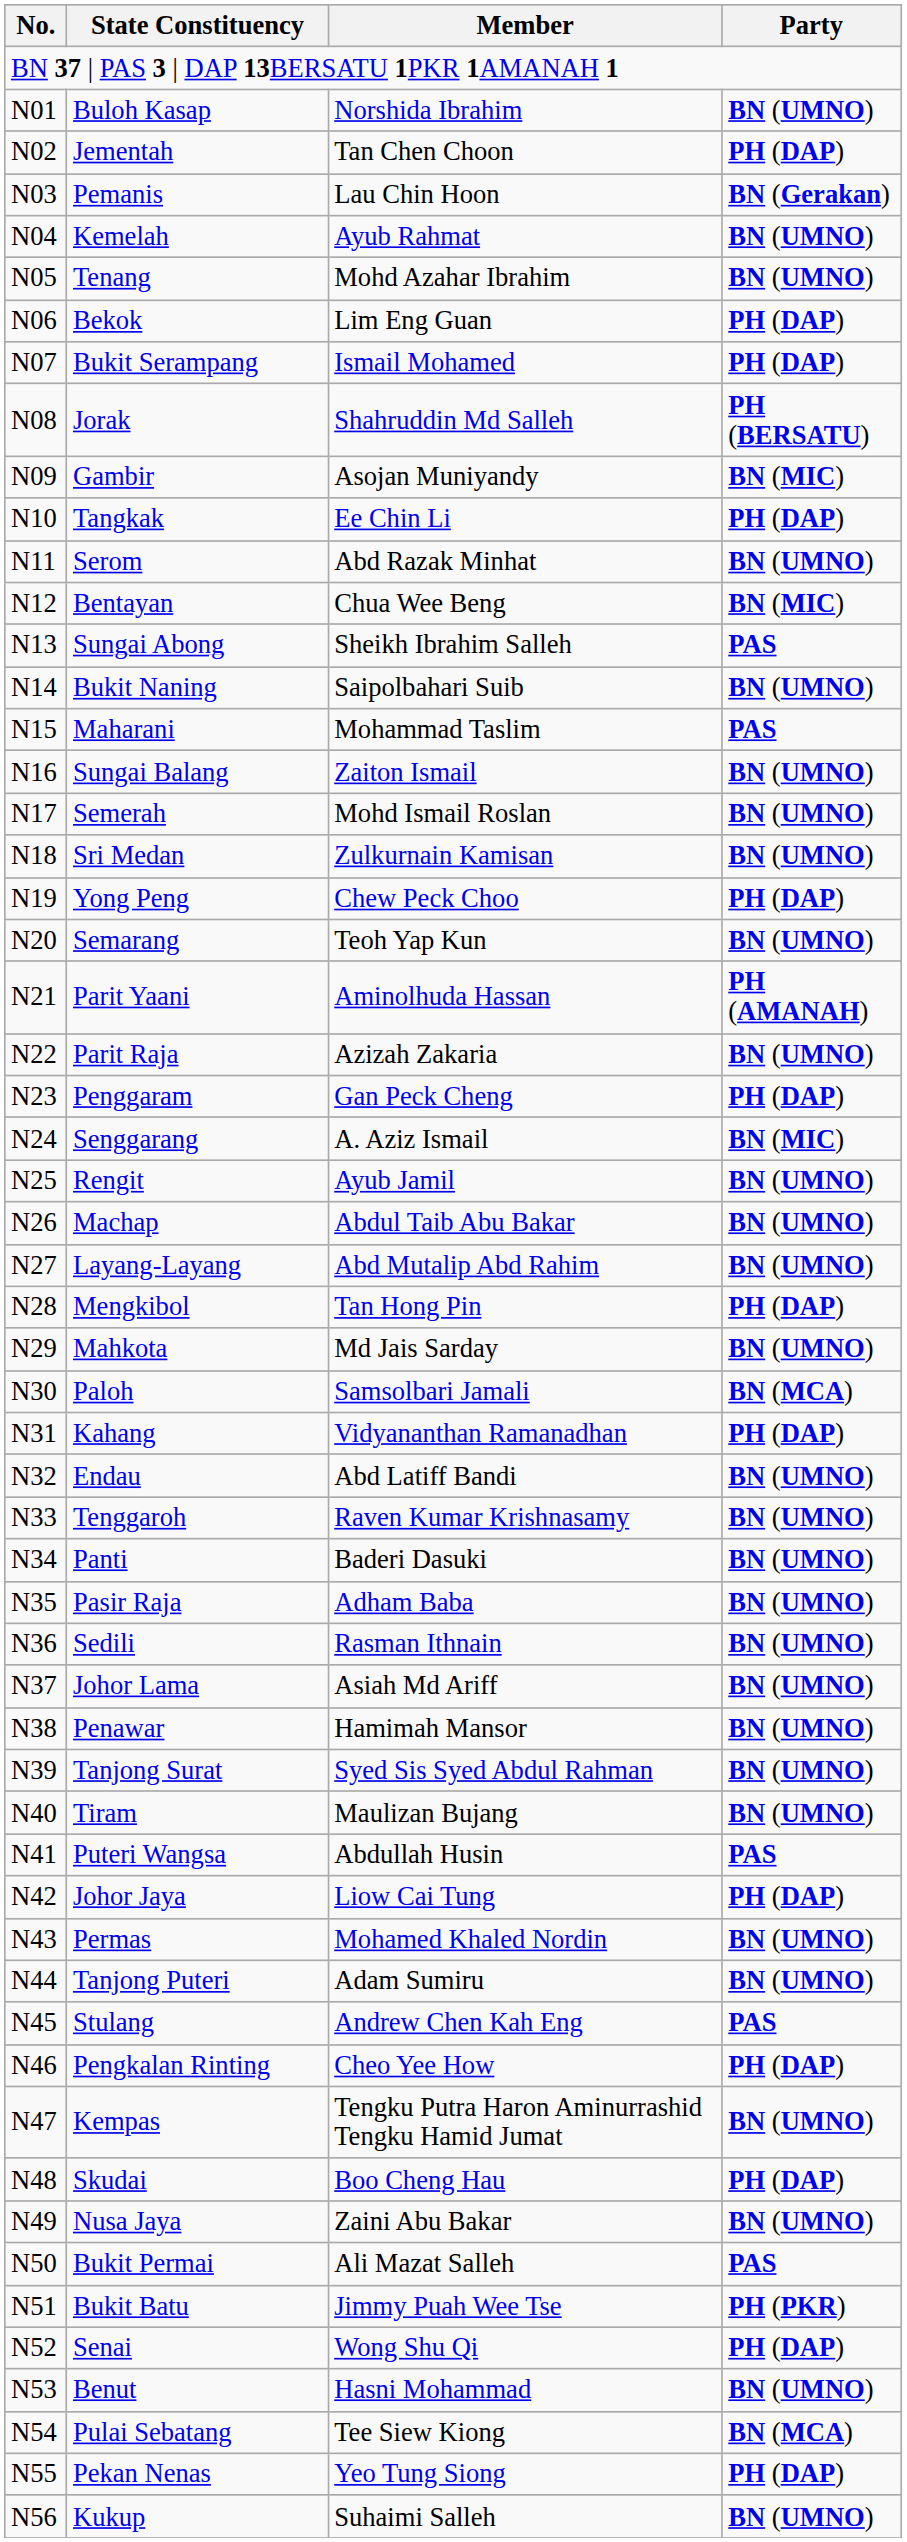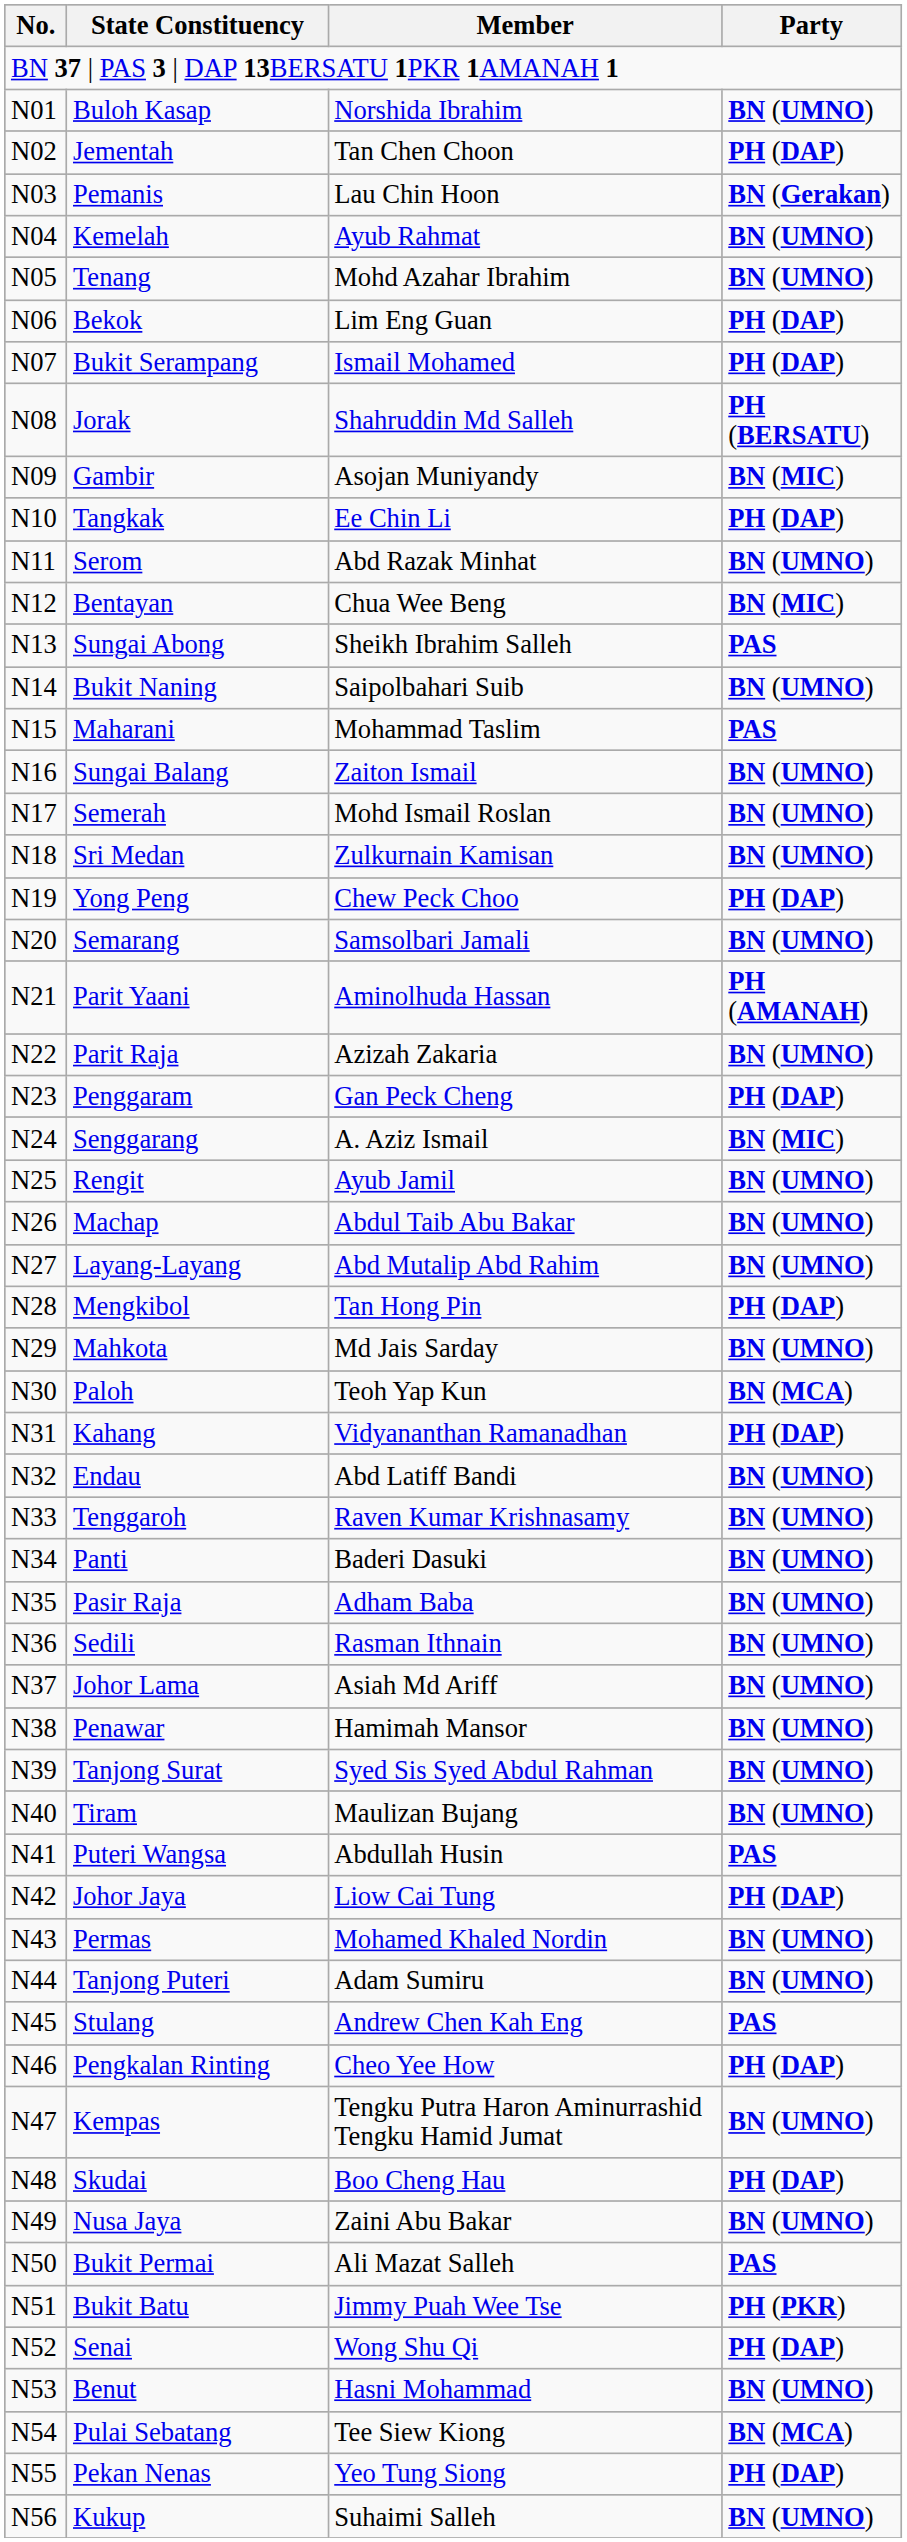 <table class="wikitable sortable">
 <tr>
 <th style="width:30px;">No.</th>
 <th style="width:150px;">State Constituency</th>
 <th style="width:230px;">Member</th>
 <th style="width:100px;">Party</th>
 </tr>
 <tr>
 <td colspan="4"><a href='#'>BN</a> <strong>37</strong> | <a href='#'>PAS</a> <strong>3</strong> | <a href='#'>DAP</a> <strong>13</strong><a href='#'>BERSATU</a> <strong>1</strong><a href='#'>PKR</a> <strong>1</strong><a href='#'>AMANAH</a> <strong>1</strong></td>
 </tr>
 <tr>
 <td>N01</td>
 <td><a href='#'>Buloh Kasap</a></td>
 <td><a href='#'>Norshida Ibrahim</a></td>
 <td><strong><a href='#'>BN</a></strong> (<strong><a href='#'>UMNO</a></strong>)</td>
 </tr>
 <tr>
 <td>N02</td>
 <td><a href='#'>Jementah</a></td>
 <td>Tan Chen Choon</td>
 <td><strong><a href='#'>PH</a></strong> (<strong><a href='#'>DAP</a></strong>)</td>
 </tr>
 <tr>
 <td>N03</td>
 <td><a href='#'>Pemanis</a></td>
 <td>Lau Chin Hoon</td>
 <td><strong><a href='#'>BN</a></strong> (<strong><a href='#'>Gerakan</a></strong>)</td>
 </tr>
 <tr>
 <td>N04</td>
 <td><a href='#'>Kemelah</a></td>
 <td><a href='#'>Ayub Rahmat</a></td>
 <td><strong><a href='#'>BN</a></strong> (<strong><a href='#'>UMNO</a></strong>)</td>
 </tr>
 <tr>
 <td>N05</td>
 <td><a href='#'>Tenang</a></td>
 <td>Mohd Azahar Ibrahim</td>
 <td><strong><a href='#'>BN</a></strong> (<strong><a href='#'>UMNO</a></strong>)</td>
 </tr>
 <tr>
 <td>N06</td>
 <td><a href='#'>Bekok</a></td>
 <td>Lim Eng Guan</td>
 <td><strong><a href='#'>PH</a></strong> (<strong><a href='#'>DAP</a></strong>)</td>
 </tr>
 <tr>
 <td>N07</td>
 <td><a href='#'>Bukit Serampang</a></td>
 <td><a href='#'>Ismail Mohamed</a></td>
 <td><strong><a href='#'>PH</a></strong> (<strong><a href='#'>DAP</a></strong>)</td>
 </tr>
 <tr>
 <td>N08</td>
 <td><a href='#'>Jorak</a></td>
 <td><a href='#'>Shahruddin Md Salleh</a></td>
 <td><strong><a href='#'>PH</a></strong> (<strong><a href='#'>BERSATU</a></strong>)</td>
 </tr>
 <tr>
 <td>N09</td>
 <td><a href='#'>Gambir</a></td>
 <td>Asojan Muniyandy</td>
 <td><strong><a href='#'>BN</a></strong> (<strong><a href='#'>MIC</a></strong>)</td>
 </tr>
 <tr>
 <td>N10</td>
 <td><a href='#'>Tangkak</a></td>
 <td><a href='#'>Ee Chin Li</a></td>
 <td><strong><a href='#'>PH</a></strong> (<strong><a href='#'>DAP</a></strong>)</td>
 </tr>
 <tr>
 <td>N11</td>
 <td><a href='#'>Serom</a></td>
 <td>Abd Razak Minhat</td>
 <td><strong><a href='#'>BN</a></strong> (<strong><a href='#'>UMNO</a></strong>)</td>
 </tr>
 <tr>
 <td>N12</td>
 <td><a href='#'>Bentayan</a></td>
 <td>Chua Wee Beng</td>
 <td><strong><a href='#'>BN</a></strong> (<strong><a href='#'>MIC</a></strong>)</td>
 </tr>
 <tr>
 <td>N13</td>
 <td><a href='#'>Sungai Abong</a></td>
 <td>Sheikh Ibrahim Salleh</td>
 <td><strong><a href='#'>PAS</a></strong></td>
 </tr>
 <tr>
 <td>N14</td>
 <td><a href='#'>Bukit Naning</a></td>
 <td>Saipolbahari Suib</td>
 <td><strong><a href='#'>BN</a></strong> (<strong><a href='#'>UMNO</a></strong>)</td>
 </tr>
 <tr>
 <td>N15</td>
 <td><a href='#'>Maharani</a></td>
 <td>Mohammad Taslim</td>
 <td><strong><a href='#'>PAS</a></strong></td>
 </tr>
 <tr>
 <td>N16</td>
 <td><a href='#'>Sungai Balang</a></td>
 <td><a href='#'>Zaiton Ismail</a></td>
 <td><strong><a href='#'>BN</a></strong> (<strong><a href='#'>UMNO</a></strong>)</td>
 </tr>
 <tr>
 <td>N17</td>
 <td><a href='#'>Semerah</a></td>
 <td>Mohd Ismail Roslan</td>
 <td><strong><a href='#'>BN</a></strong> (<strong><a href='#'>UMNO</a></strong>)</td>
 </tr>
 <tr>
 <td>N18</td>
 <td><a href='#'>Sri Medan</a></td>
 <td><a href='#'>Zulkurnain Kamisan</a></td>
 <td><strong><a href='#'>BN</a></strong> (<strong><a href='#'>UMNO</a></strong>)</td>
 </tr>
 <tr>
 <td>N19</td>
 <td><a href='#'>Yong Peng</a></td>
 <td><a href='#'>Chew Peck Choo</a></td>
 <td><strong><a href='#'>PH</a></strong> (<strong><a href='#'>DAP</a></strong>)</td>
 </tr>
 <tr>
 <td>N20</td>
 <td><a href='#'>Semarang</a></td>
-<td>Teoh Yap Kun</td>
+<td><a href='#'>Samsolbari Jamali</a></td>
 <td><strong><a href='#'>BN</a></strong> (<strong><a href='#'>UMNO</a></strong>)</td>
 </tr>
 <tr>
 <td>N21</td>
 <td><a href='#'>Parit Yaani</a></td>
 <td><a href='#'>Aminolhuda Hassan</a></td>
 <td><strong><a href='#'>PH</a></strong> (<strong><a href='#'>AMANAH</a></strong>)</td>
 </tr>
 <tr>
 <td>N22</td>
 <td><a href='#'>Parit Raja</a></td>
 <td>Azizah Zakaria</td>
 <td><strong><a href='#'>BN</a></strong> (<strong><a href='#'>UMNO</a></strong>)</td>
 </tr>
 <tr>
 <td>N23</td>
 <td><a href='#'>Penggaram</a></td>
 <td><a href='#'>Gan Peck Cheng</a></td>
 <td><strong><a href='#'>PH</a></strong> (<strong><a href='#'>DAP</a></strong>)</td>
 </tr>
 <tr>
 <td>N24</td>
 <td><a href='#'>Senggarang</a></td>
 <td>A. Aziz Ismail</td>
 <td><strong><a href='#'>BN</a></strong> (<strong><a href='#'>MIC</a></strong>)</td>
 </tr>
 <tr>
 <td>N25</td>
 <td><a href='#'>Rengit</a></td>
 <td><a href='#'>Ayub Jamil</a></td>
 <td><strong><a href='#'>BN</a></strong> (<strong><a href='#'>UMNO</a></strong>)</td>
 </tr>
 <tr>
 <td>N26</td>
 <td><a href='#'>Machap</a></td>
 <td><a href='#'>Abdul Taib Abu Bakar</a></td>
 <td><strong><a href='#'>BN</a></strong> (<strong><a href='#'>UMNO</a></strong>)</td>
 </tr>
 <tr>
 <td>N27</td>
 <td><a href='#'>Layang-Layang</a></td>
 <td><a href='#'>Abd Mutalip Abd Rahim</a></td>
 <td><strong><a href='#'>BN</a></strong> (<strong><a href='#'>UMNO</a></strong>)</td>
 </tr>
 <tr>
 <td>N28</td>
 <td><a href='#'>Mengkibol</a></td>
 <td><a href='#'>Tan Hong Pin</a></td>
 <td><strong><a href='#'>PH</a></strong> (<strong><a href='#'>DAP</a></strong>)</td>
 </tr>
 <tr>
 <td>N29</td>
 <td><a href='#'>Mahkota</a></td>
 <td>Md Jais Sarday</td>
 <td><strong><a href='#'>BN</a></strong> (<strong><a href='#'>UMNO</a></strong>)</td>
 </tr>
 <tr>
 <td>N30</td>
 <td><a href='#'>Paloh</a></td>
-<td><a href='#'>Samsolbari Jamali</a></td>
+<td>Teoh Yap Kun</td>
 <td><strong><a href='#'>BN</a></strong> (<strong><a href='#'>MCA</a></strong>)</td>
 </tr>
 <tr>
 <td>N31</td>
 <td><a href='#'>Kahang</a></td>
 <td><a href='#'>Vidyananthan Ramanadhan</a></td>
 <td><strong><a href='#'>PH</a></strong> (<strong><a href='#'>DAP</a></strong>)</td>
 </tr>
 <tr>
 <td>N32</td>
 <td><a href='#'>Endau</a></td>
 <td>Abd Latiff Bandi</td>
 <td><strong><a href='#'>BN</a></strong> (<strong><a href='#'>UMNO</a></strong>)</td>
 </tr>
 <tr>
 <td>N33</td>
 <td><a href='#'>Tenggaroh</a></td>
 <td><a href='#'>Raven Kumar Krishnasamy</a></td>
 <td><strong><a href='#'>BN</a></strong> (<strong><a href='#'>UMNO</a></strong>)</td>
 </tr>
 <tr>
 <td>N34</td>
 <td><a href='#'>Panti</a></td>
 <td>Baderi Dasuki</td>
 <td><strong><a href='#'>BN</a></strong> (<strong><a href='#'>UMNO</a></strong>)</td>
 </tr>
 <tr>
 <td>N35</td>
 <td><a href='#'>Pasir Raja</a></td>
 <td><a href='#'>Adham Baba</a></td>
 <td><strong><a href='#'>BN</a></strong> (<strong><a href='#'>UMNO</a></strong>)</td>
 </tr>
 <tr>
 <td>N36</td>
 <td><a href='#'>Sedili</a></td>
 <td><a href='#'>Rasman Ithnain</a></td>
 <td><strong><a href='#'>BN</a></strong> (<strong><a href='#'>UMNO</a></strong>)</td>
 </tr>
 <tr>
 <td>N37</td>
 <td><a href='#'>Johor Lama</a></td>
 <td>Asiah Md Ariff</td>
 <td><strong><a href='#'>BN</a></strong> (<strong><a href='#'>UMNO</a></strong>)</td>
 </tr>
 <tr>
 <td>N38</td>
 <td><a href='#'>Penawar</a></td>
 <td>Hamimah Mansor</td>
 <td><strong><a href='#'>BN</a></strong> (<strong><a href='#'>UMNO</a></strong>)</td>
 </tr>
 <tr>
 <td>N39</td>
 <td><a href='#'>Tanjong Surat</a></td>
 <td><a href='#'>Syed Sis Syed Abdul Rahman</a></td>
 <td><strong><a href='#'>BN</a></strong> (<strong><a href='#'>UMNO</a></strong>)</td>
 </tr>
 <tr>
 <td>N40</td>
 <td><a href='#'>Tiram</a></td>
 <td>Maulizan Bujang</td>
 <td><strong><a href='#'>BN</a></strong> (<strong><a href='#'>UMNO</a></strong>)</td>
 </tr>
 <tr>
 <td>N41</td>
 <td><a href='#'>Puteri Wangsa</a></td>
 <td>Abdullah Husin</td>
 <td><strong><a href='#'>PAS</a></strong></td>
 </tr>
 <tr>
 <td>N42</td>
 <td><a href='#'>Johor Jaya</a></td>
 <td><a href='#'>Liow Cai Tung</a></td>
 <td><strong><a href='#'>PH</a></strong> (<strong><a href='#'>DAP</a></strong>)</td>
 </tr>
 <tr>
 <td>N43</td>
 <td><a href='#'>Permas</a></td>
 <td><a href='#'>Mohamed Khaled Nordin</a></td>
 <td><strong><a href='#'>BN</a></strong> (<strong><a href='#'>UMNO</a></strong>)</td>
 </tr>
 <tr>
 <td>N44</td>
 <td><a href='#'>Tanjong Puteri</a></td>
 <td>Adam Sumiru</td>
 <td><strong><a href='#'>BN</a></strong> (<strong><a href='#'>UMNO</a></strong>)</td>
 </tr>
 <tr>
 <td>N45</td>
 <td><a href='#'>Stulang</a></td>
 <td><a href='#'>Andrew Chen Kah Eng</a></td>
 <td><strong><a href='#'>PAS</a></strong></td>
 </tr>
 <tr>
 <td>N46</td>
 <td><a href='#'>Pengkalan Rinting</a></td>
 <td><a href='#'>Cheo Yee How</a></td>
 <td><strong><a href='#'>PH</a></strong> (<strong><a href='#'>DAP</a></strong>)</td>
 </tr>
 <tr>
 <td>N47</td>
 <td><a href='#'>Kempas</a></td>
 <td>Tengku Putra Haron Aminurrashid Tengku Hamid Jumat</td>
 <td><strong><a href='#'>BN</a></strong> (<strong><a href='#'>UMNO</a></strong>)</td>
 </tr>
 <tr>
 <td>N48</td>
 <td><a href='#'>Skudai</a></td>
 <td><a href='#'>Boo Cheng Hau</a></td>
 <td><strong><a href='#'>PH</a></strong> (<strong><a href='#'>DAP</a></strong>)</td>
 </tr>
 <tr>
 <td>N49</td>
 <td><a href='#'>Nusa Jaya</a></td>
 <td>Zaini Abu Bakar</td>
 <td><strong><a href='#'>BN</a></strong> (<strong><a href='#'>UMNO</a></strong>)</td>
 </tr>
 <tr>
 <td>N50</td>
 <td><a href='#'>Bukit Permai</a></td>
 <td>Ali Mazat Salleh</td>
 <td><strong><a href='#'>PAS</a></strong></td>
 </tr>
 <tr>
 <td>N51</td>
 <td><a href='#'>Bukit Batu</a></td>
 <td><a href='#'>Jimmy Puah Wee Tse</a></td>
 <td><strong><a href='#'>PH</a></strong> (<strong><a href='#'>PKR</a></strong>)</td>
 </tr>
 <tr>
 <td>N52</td>
 <td><a href='#'>Senai</a></td>
 <td><a href='#'>Wong Shu Qi</a></td>
 <td><strong><a href='#'>PH</a></strong> (<strong><a href='#'>DAP</a></strong>)</td>
 </tr>
 <tr>
 <td>N53</td>
 <td><a href='#'>Benut</a></td>
 <td><a href='#'>Hasni Mohammad</a></td>
 <td><strong><a href='#'>BN</a></strong> (<strong><a href='#'>UMNO</a></strong>)</td>
 </tr>
 <tr>
 <td>N54</td>
 <td><a href='#'>Pulai Sebatang</a></td>
 <td>Tee Siew Kiong</td>
 <td><strong><a href='#'>BN</a></strong> (<strong><a href='#'>MCA</a></strong>)</td>
 </tr>
 <tr>
 <td>N55</td>
 <td><a href='#'>Pekan Nenas</a></td>
 <td><a href='#'>Yeo Tung Siong</a></td>
 <td><strong><a href='#'>PH</a></strong> (<strong><a href='#'>DAP</a></strong>)</td>
 </tr>
 <tr>
 <td>N56</td>
 <td><a href='#'>Kukup</a></td>
 <td>Suhaimi Salleh</td>
 <td><strong><a href='#'>BN</a></strong> (<strong><a href='#'>UMNO</a></strong>)</td>
 </tr>
 </table>
